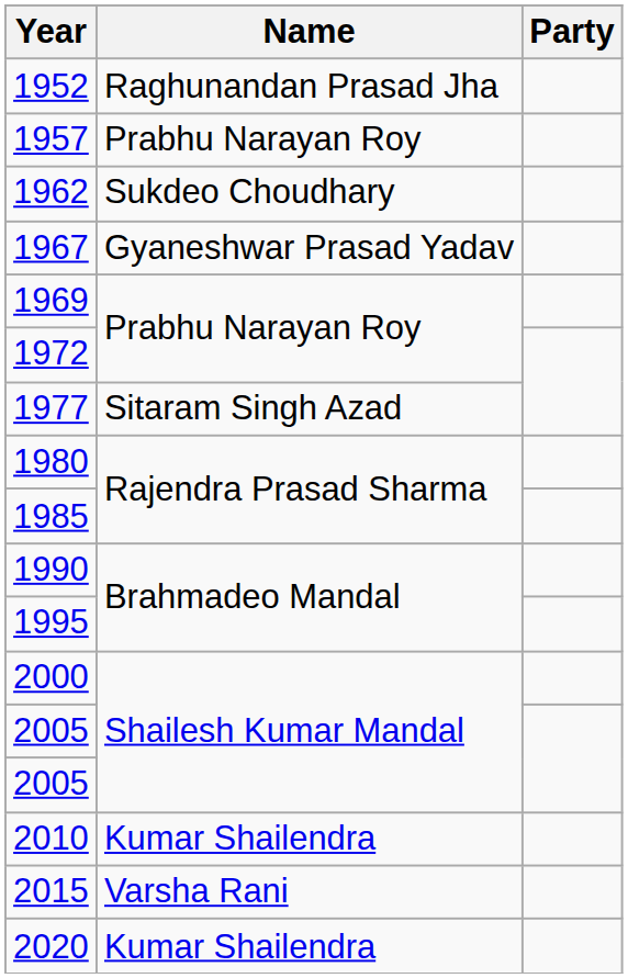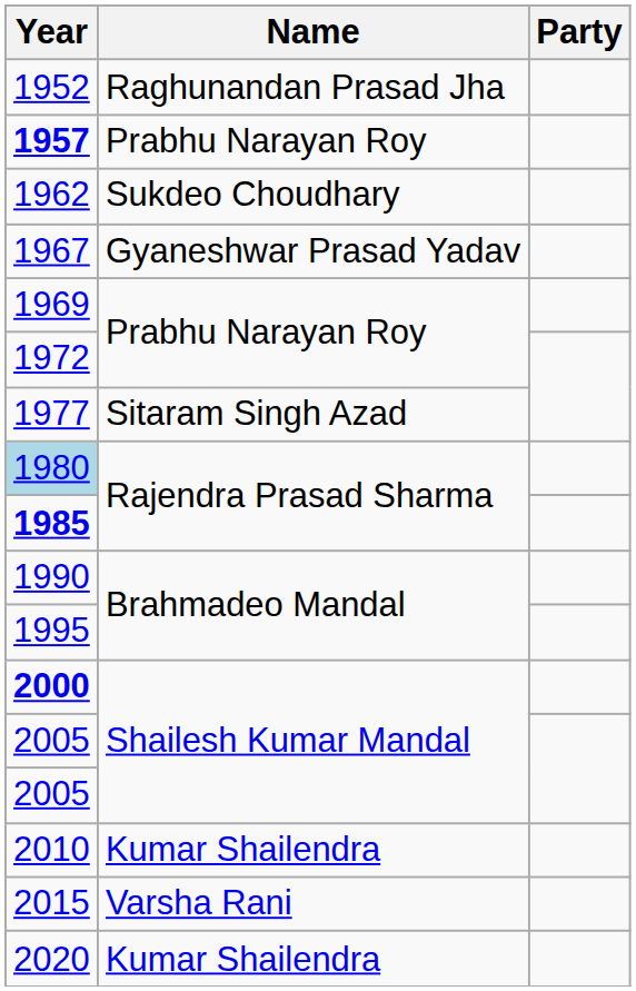 <table class="wikitable sortable" style="font-size: x-big; font-family: arial">
 <tr>
 <th>Year</th>
 <th>Name</th>
 <th colspan="2">Party</th>
 </tr>
 <tr>
 <td><a href='#'>1952</a></td>
 <td>Raghunandan Prasad Jha</td>
 <td></td>
 </tr>
 <tr>
-<td><a href='#'>1957</a></td>
+<td><strong><a href='#'>1957</a></strong></td>
 <td>Prabhu Narayan Roy</td>
 <td></td>
 </tr>
 <tr>
 <td><a href='#'>1962</a></td>
 <td>Sukdeo Choudhary</td>
 <td></td>
 </tr>
 <tr>
 <td><a href='#'>1967</a></td>
 <td>Gyaneshwar Prasad Yadav</td>
 <td></td>
 </tr>
 <tr>
 <td><a href='#'>1969</a></td>
 <td rowspan="2">Prabhu Narayan Roy</td>
 <td></td>
 </tr>
 <tr>
 <td><a href='#'>1972</a></td>
 </tr>
 <tr>
 <td><a href='#'>1977</a></td>
 <td>Sitaram Singh Azad</td>
 </tr>
 <tr>
-<td><a href='#'>1980</a></td>
+<td style="background: lightblue;"><a href='#'>1980</a></td>
 <td rowspan="2">Rajendra Prasad Sharma</td>
 <td></td>
 </tr>
 <tr>
-<td><a href='#'>1985</a></td>
+<td><strong><a href='#'>1985</a></strong></td>
 <td></td>
 </tr>
 <tr>
 <td><a href='#'>1990</a></td>
 <td rowspan="2">Brahmadeo Mandal</td>
 <td></td>
 </tr>
 <tr>
 <td><a href='#'>1995</a></td>
 <td></td>
 </tr>
 <tr>
-<td><a href='#'>2000</a></td>
+<td><strong><a href='#'>2000</a></strong></td>
 <td rowspan="3"><a href='#'>Shailesh Kumar Mandal</a></td>
 <td></td>
 </tr>
 <tr>
 <td><a href='#'>2005</a></td>
 </tr>
 <tr>
 <td><a href='#'>2005</a></td>
 </tr>
 <tr>
 <td><a href='#'>2010</a></td>
 <td><a href='#'>Kumar Shailendra</a></td>
 <td></td>
 </tr>
 <tr>
 <td><a href='#'>2015</a></td>
 <td><a href='#'>Varsha Rani</a></td>
 <td></td>
 </tr>
 <tr>
 <td><a href='#'>2020</a></td>
 <td><a href='#'>Kumar Shailendra</a></td>
 <td></td>
 </tr>
 </table>
